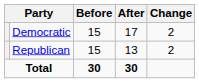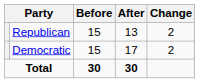 <table class="wikitable" style="text-align:center;">
 <tr>
 <th colspan="2">Party</th>
 <th>Before</th>
 <th>After</th>
 <th>Change</th>
 </tr>
 <tr>
 <th style="background-color:"></th>
-<td style="text-align:left;"><a href='#'>Democratic</a></td>
+<td style="text-align:left;"><a href='#'>Republican</a></td>
 <td>15</td>
-<td>17</td>
+<td>13</td>
 <td> 2</td>
 </tr>
 <tr>
 <th style="background-color:"></th>
-<td style="text-align:left;"><a href='#'>Republican</a></td>
+<td style="text-align:left;"><a href='#'>Democratic</a></td>
 <td>15</td>
-<td>13</td>
+<td>17</td>
 <td> 2</td>
 </tr>
 <tr>
 <td colspan="2"><strong>Total</strong></td>
 <td><strong>30</strong></td>
 <td><strong>30</strong></td>
 <td></td>
 </tr>
 </table>
